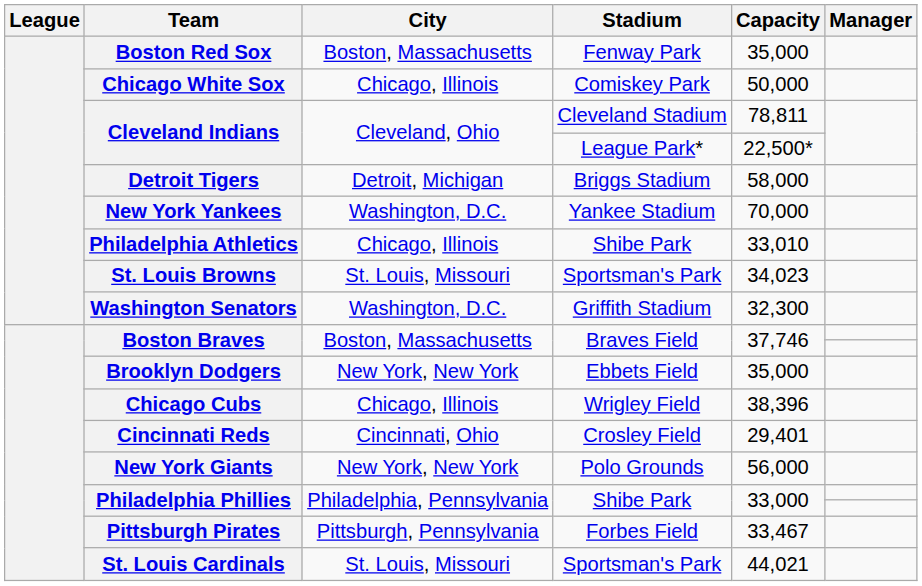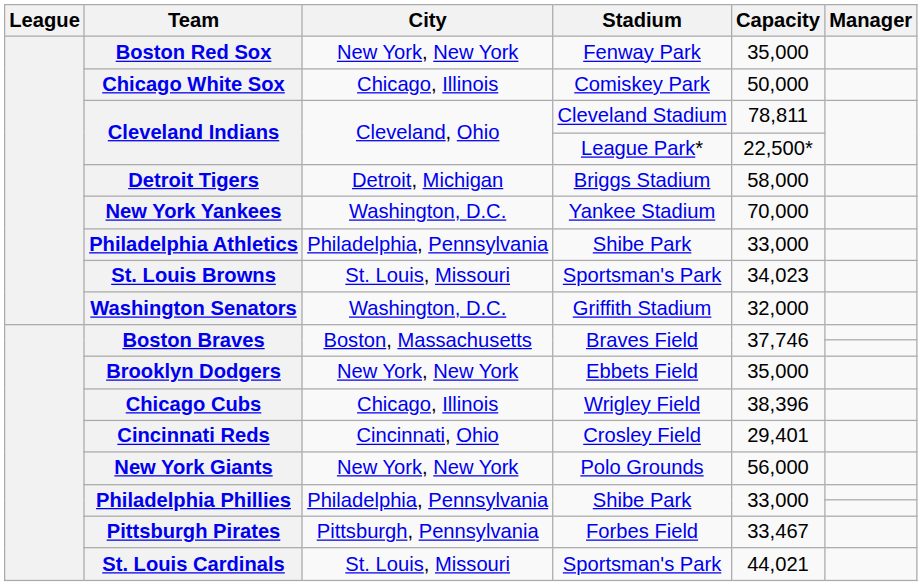 <table class="wikitable sortable plainrowheaders" style="text-align:center;">
 <tr>
 <th scope="col">League</th>
 <th scope="col">Team</th>
 <th scope="col">City</th>
 <th scope="col">Stadium</th>
 <th scope="col">Capacity</th>
 <th scope="col">Manager</th>
 </tr>
 <tr>
 <th rowspan="9"></th>
 <th scope="row"><a href='#'>Boston Red Sox</a></th>
-<td><a href='#'>Boston</a>, <a href='#'>Massachusetts</a></td>
+<td><a href='#'>New York</a>, <a href='#'>New York</a></td>
 <td><a href='#'>Fenway Park</a></td>
 <td>35,000</td>
 <td></td>
 </tr>
 <tr>
 <th scope="row"><a href='#'>Chicago White Sox</a></th>
 <td><a href='#'>Chicago</a>, <a href='#'>Illinois</a></td>
 <td><a href='#'>Comiskey Park</a></td>
 <td>50,000</td>
 <td></td>
 </tr>
 <tr>
 <th rowspan="2" scope="row"><a href='#'>Cleveland Indians</a></th>
 <td rowspan="2"><a href='#'>Cleveland</a>, <a href='#'>Ohio</a></td>
 <td><a href='#'>Cleveland Stadium</a></td>
 <td>78,811</td>
 <td rowspan="2"></td>
 </tr>
 <tr>
 <td><a href='#'>League Park</a>*</td>
 <td>22,500*</td>
 </tr>
 <tr>
 <th scope="row"><a href='#'>Detroit Tigers</a></th>
 <td><a href='#'>Detroit</a>, <a href='#'>Michigan</a></td>
 <td><a href='#'>Briggs Stadium</a></td>
 <td>58,000</td>
 <td></td>
 </tr>
 <tr>
 <th scope="row"><a href='#'>New York Yankees</a></th>
 <td><a href='#'>Washington, D.C.</a></td>
 <td><a href='#'>Yankee Stadium</a></td>
 <td>70,000</td>
 <td></td>
 </tr>
 <tr>
 <th scope="row"><a href='#'>Philadelphia Athletics</a></th>
-<td><a href='#'>Chicago</a>, <a href='#'>Illinois</a></td>
+<td><a href='#'>Philadelphia</a>, <a href='#'>Pennsylvania</a></td>
 <td><a href='#'>Shibe Park</a></td>
-<td>33,010</td>
+<td>33,000</td>
 <td></td>
 </tr>
 <tr>
 <th scope="row"><a href='#'>St. Louis Browns</a></th>
 <td><a href='#'>St. Louis</a>, <a href='#'>Missouri</a></td>
 <td><a href='#'>Sportsman's Park</a></td>
 <td>34,023</td>
 <td></td>
 </tr>
 <tr>
 <th scope="row"><a href='#'>Washington Senators</a></th>
 <td><a href='#'>Washington, D.C.</a></td>
 <td><a href='#'>Griffith Stadium</a></td>
-<td>32,300</td>
+<td>32,000</td>
 <td></td>
 </tr>
 <tr>
 <th rowspan="10"></th>
 <th rowspan="2" scope="row"><a href='#'>Boston Braves</a></th>
 <td rowspan="2"><a href='#'>Boston</a>, <a href='#'>Massachusetts</a></td>
 <td rowspan="2"><a href='#'>Braves Field</a></td>
 <td rowspan="2">37,746</td>
 <td></td>
 </tr>
 <tr>
 <td></td>
 </tr>
 <tr>
 <th scope="row"><a href='#'>Brooklyn Dodgers</a></th>
 <td><a href='#'>New York</a>, <a href='#'>New York</a></td>
 <td><a href='#'>Ebbets Field</a></td>
 <td>35,000</td>
 <td></td>
 </tr>
 <tr>
 <th scope="row"><a href='#'>Chicago Cubs</a></th>
 <td><a href='#'>Chicago</a>, <a href='#'>Illinois</a></td>
 <td><a href='#'>Wrigley Field</a></td>
 <td>38,396</td>
 <td></td>
 </tr>
 <tr>
 <th scope="row"><a href='#'>Cincinnati Reds</a></th>
 <td><a href='#'>Cincinnati</a>, <a href='#'>Ohio</a></td>
 <td><a href='#'>Crosley Field</a></td>
 <td>29,401</td>
 <td></td>
 </tr>
 <tr>
 <th scope="row"><a href='#'>New York Giants</a></th>
 <td><a href='#'>New York</a>, <a href='#'>New York</a></td>
 <td><a href='#'>Polo Grounds</a></td>
 <td>56,000</td>
 <td></td>
 </tr>
 <tr>
 <th rowspan="2" scope="row"><a href='#'>Philadelphia Phillies</a></th>
 <td rowspan="2"><a href='#'>Philadelphia</a>, <a href='#'>Pennsylvania</a></td>
 <td rowspan="2"><a href='#'>Shibe Park</a></td>
 <td rowspan="2">33,000</td>
 <td></td>
 </tr>
 <tr>
 <td></td>
 </tr>
 <tr>
 <th scope="row"><a href='#'>Pittsburgh Pirates</a></th>
 <td><a href='#'>Pittsburgh</a>, <a href='#'>Pennsylvania</a></td>
 <td><a href='#'>Forbes Field</a></td>
 <td>33,467</td>
 <td></td>
 </tr>
 <tr>
 <th scope="row"><a href='#'>St. Louis Cardinals</a></th>
 <td><a href='#'>St. Louis</a>, <a href='#'>Missouri</a></td>
 <td><a href='#'>Sportsman's Park</a></td>
 <td>44,021</td>
 <td></td>
 </tr>
 </table>
